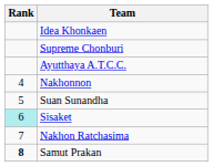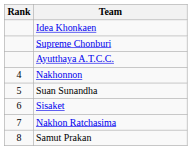 <table class="wikitable" style="text-align: center;">
 <tr>
 <th width=40>Rank</th>
 <th width=240>Team</th>
 </tr>
 <tr>
 <td></td>
 <td align="left"><a href='#'>Idea Khonkaen</a></td>
 </tr>
 <tr>
 <td></td>
 <td align="left"><a href='#'>Supreme Chonburi</a></td>
 </tr>
 <tr>
 <td></td>
 <td align="left"><a href='#'>Ayutthaya A.T.C.C.</a></td>
 </tr>
 <tr>
 <td>4</td>
 <td align="left"><a href='#'>Nakhonnon</a></td>
 </tr>
 <tr>
 <td>5</td>
 <td align="left">Suan Sunandha</td>
 </tr>
 <tr>
-<td style="background: paleturquoise;">6</td>
+<td>6</td>
 <td align="left"><a href='#'>Sisaket</a></td>
 </tr>
 <tr>
 <td>7</td>
 <td align="left"><a href='#'>Nakhon Ratchasima</a></td>
 </tr>
 <tr>
-<td><strong>8</strong></td>
+<td>8</td>
 <td align="left">Samut Prakan</td>
 </tr>
 </table>
